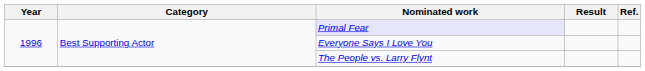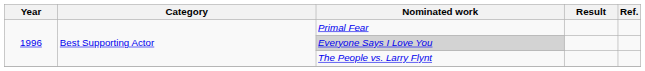 <table class=wikitable>
 <tr>
 <th scope="col" style="width:5em;">Year</th>
 <th scope="col" style="width:26em;">Category</th>
 <th scope="col" style="width:25em;">Nominated work</th>
 <th scope="col" style="width:5em;">Result</th>
 <th>Ref.</th>
 </tr>
 <tr>
 <td style="text-align:center;", rowspan="3"><a href='#'>1996</a></td>
 <td rowspan="3"><a href='#'>Best Supporting Actor</a></td>
-<td style="background: lavender;"><em><a href='#'>Primal Fear</a></em></td>
+<td><em><a href='#'>Primal Fear</a></em></td>
 <td></td>
 <td></td>
 </tr>
 <tr>
-<td><em><a href='#'>Everyone Says I Love You</a></em></td>
+<td style="background: lightgrey;"><em><a href='#'>Everyone Says I Love You</a></em></td>
 <td></td>
 <td></td>
 </tr>
 <tr>
 <td><em><a href='#'>The People vs. Larry Flynt</a></em></td>
 <td></td>
 <td></td>
 </tr>
 <tr>
 </tr>
 </table>
